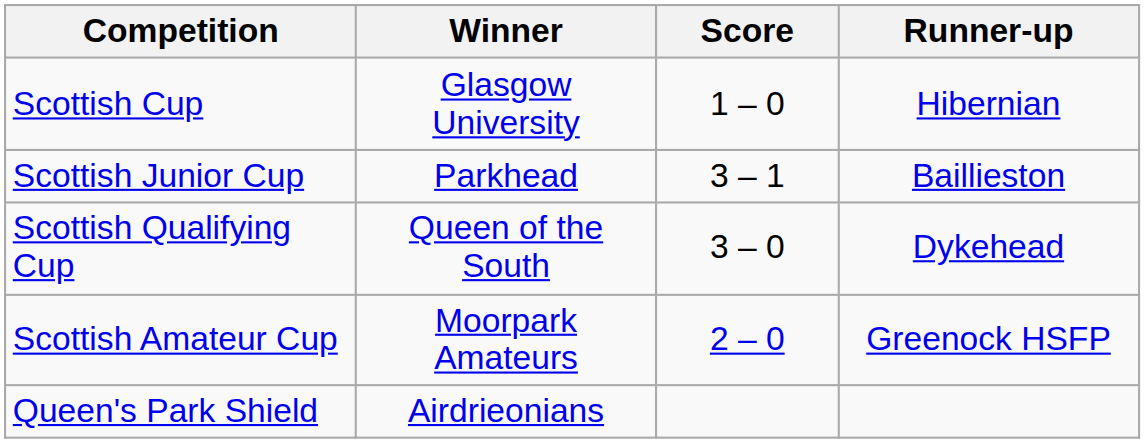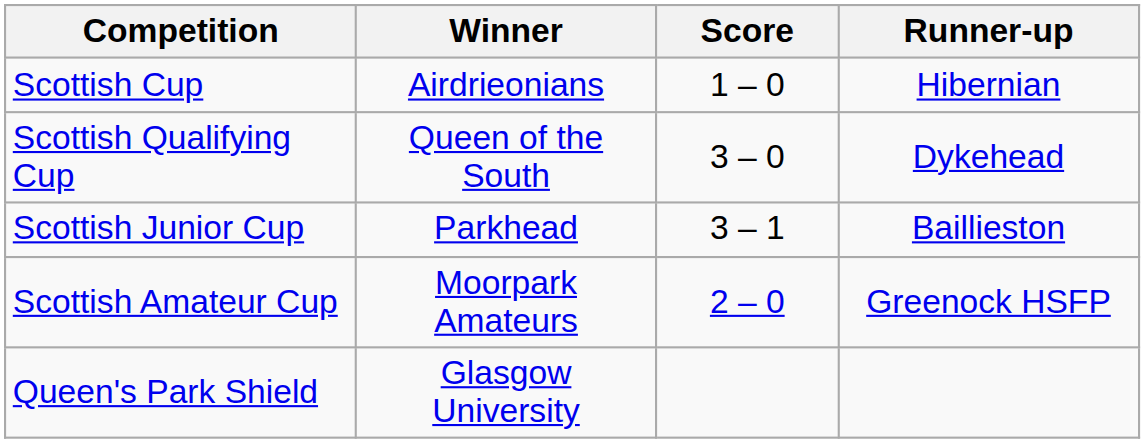 <table class="wikitable" style="text-align: center;">
 <tr>
 <th width=160>Competition</th>
 <th width=135>Winner</th>
 <th width=80>Score</th>
 <th width=135>Runner-up</th>
 </tr>
 <tr>
 <td align=left><a href='#'>Scottish Cup</a></td>
-<td><a href='#'>Glasgow University</a></td>
+<td><a href='#'>Airdrieonians</a></td>
 <td>1 – 0</td>
 <td><a href='#'>Hibernian</a></td>
+</tr>
+<tr>
+<td align=left><a href='#'>Scottish Qualifying Cup</a></td>
+<td><a href='#'>Queen of the South</a></td>
+<td>3 – 0</td>
+<td><a href='#'>Dykehead</a></td>
 </tr>
 <tr>
 <td align=left><a href='#'>Scottish Junior Cup</a></td>
 <td><a href='#'>Parkhead</a></td>
 <td>3 – 1</td>
 <td><a href='#'>Baillieston</a></td>
-</tr>
-<tr>
-<td align=left><a href='#'>Scottish Qualifying Cup</a></td>
-<td><a href='#'>Queen of the South</a></td>
-<td>3 – 0</td>
-<td><a href='#'>Dykehead</a></td>
 </tr>
 <tr>
 <td align=left><a href='#'>Scottish Amateur Cup</a></td>
 <td><a href='#'>Moorpark Amateurs</a></td>
 <td><a href='#'>2 – 0</a></td>
 <td><a href='#'> Greenock HSFP</a></td>
 </tr>
 <tr>
 <td align=left><a href='#'>Queen's Park Shield</a></td>
-<td><a href='#'>Airdrieonians</a></td>
+<td><a href='#'>Glasgow University</a></td>
 <td></td>
 <td></td>
 </tr>
 </table>
